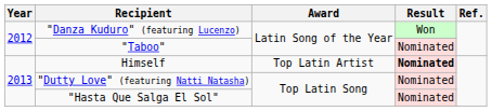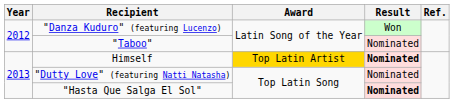 <table class="wikitable">
 <tr>
 <th align="center">Year</th>
 <th align="center">Recipient</th>
 <th align="center">Award</th>
 <th align="center">Result</th>
 <th align="center">Ref.</th>
 </tr>
 <tr>
 <td align="center" rowspan="2"><a href='#'>2012</a></td>
 <td align="center">"<a href='#'>Danza Kuduro</a>" <small>(featuring <a href='#'>Lucenzo</a>)</small></td>
 <td align="center" rowspan="2">Latin Song of the Year</td>
 <td align="center" style="background-color: #CFC">Won</td>
 <td align="center" rowspan="2"></td>
 </tr>
 <tr>
 <td align="center">"<a href='#'>Taboo</a>"</td>
 <td align="center" style="background-color: #FDD">Nominated</td>
 </tr>
 <tr>
 <td align="center" rowspan="3"><a href='#'>2013</a></td>
 <td align="center">Himself</td>
-<td align="center">Top Latin Artist</td>
+<td align="center" style="background: gold;">Top Latin Artist</td>
 <td align="center" style="background-color: #FDD"><strong>Nominated</strong></td>
 <td align="center" rowspan="3"></td>
 </tr>
 <tr>
 <td align="center">"<a href='#'>Dutty Love</a>" <small>(featuring <a href='#'>Natti Natasha</a>)</small></td>
 <td align="center" rowspan="2">Top Latin Song</td>
 <td align="center" style="background-color: #FDD">Nominated</td>
 </tr>
 <tr>
 <td align="center">"Hasta Que Salga El Sol"</td>
-<td align="center" style="background-color: #FDD">Nominated</td>
+<td align="center" style="background-color: #FDD"><strong>Nominated</strong></td>
 </tr>
 </table>
